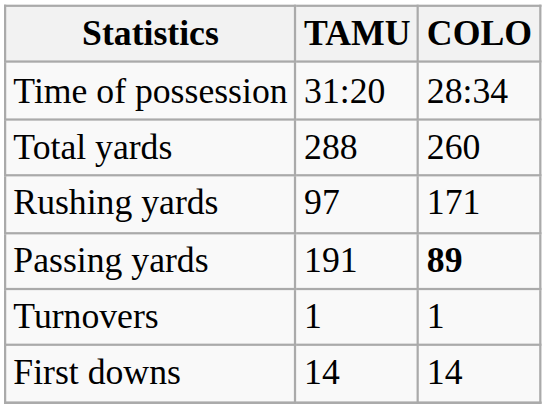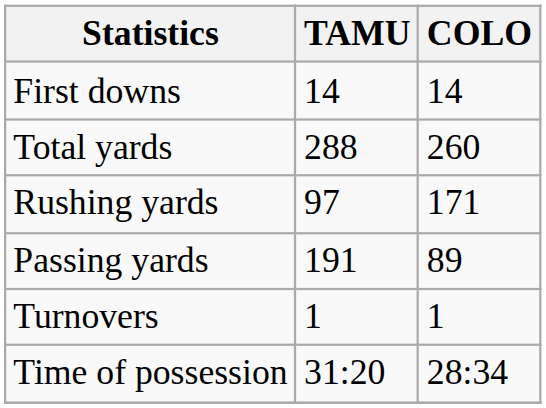 <table class="wikitable" style="float: left;">
 <tr>
 <th>Statistics</th>
 <th>TAMU</th>
 <th>COLO</th>
 </tr>
 <tr>
-<td>Time of possession</td>
-<td>31:20</td>
-<td>28:34</td>
+<td>First downs</td>
+<td>14</td>
+<td>14</td>
 </tr>
 <tr>
 <td>Total yards</td>
 <td>288</td>
 <td>260</td>
 </tr>
 <tr>
 <td>Rushing yards</td>
 <td>97</td>
 <td>171</td>
 </tr>
 <tr>
 <td>Passing yards</td>
 <td>191</td>
-<td><strong>89</strong></td>
+<td>89</td>
 </tr>
 <tr>
 <td>Turnovers</td>
 <td>1</td>
 <td>1</td>
 </tr>
 <tr>
-<td>First downs</td>
-<td>14</td>
-<td>14</td>
+<td>Time of possession</td>
+<td>31:20</td>
+<td>28:34</td>
 </tr>
 <tr>
 </tr>
 </table>
